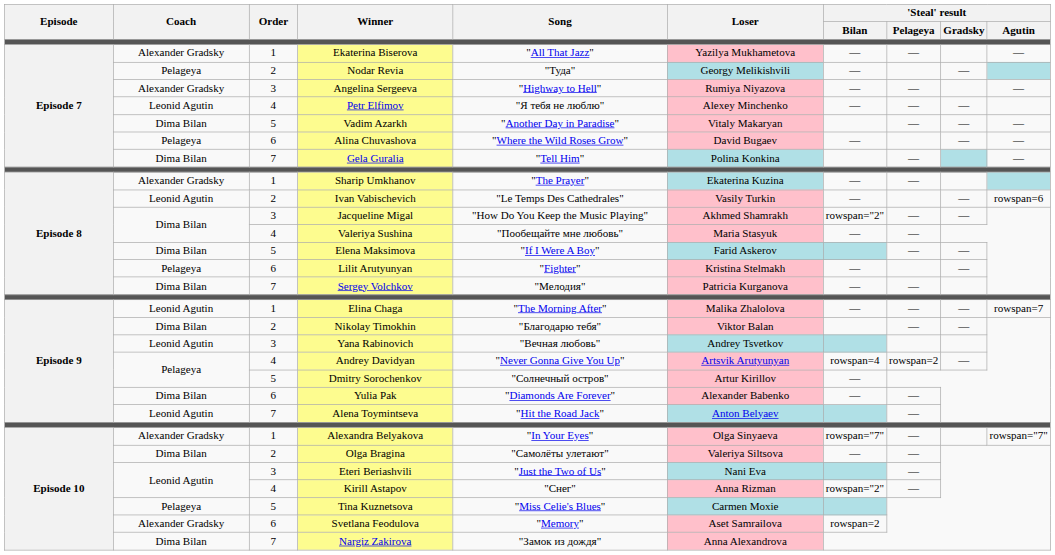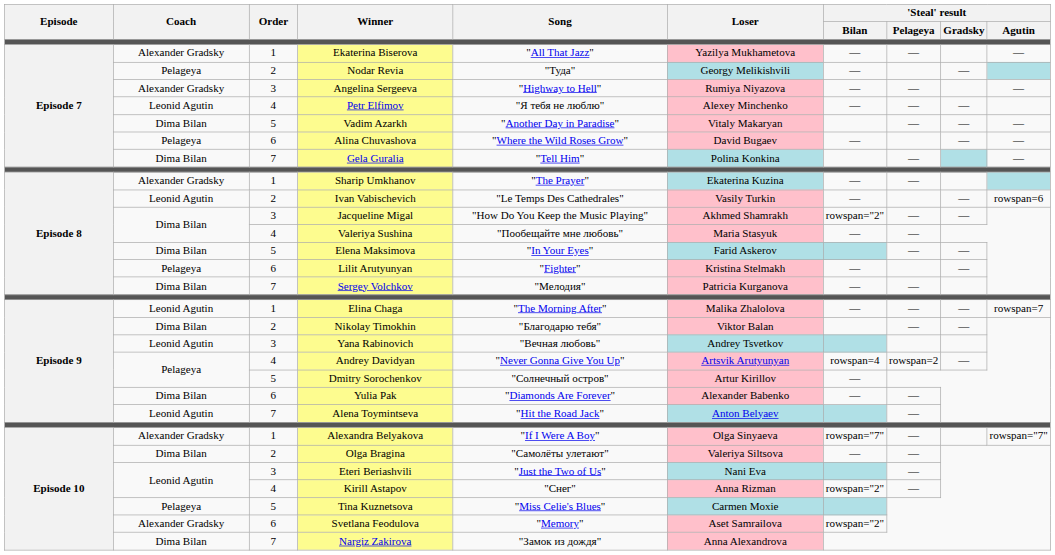 <table class="wikitable" style="text-align: center; width:120%;">
 <tr>
 <th rowspan="2" style="width:12%;">Episode</th>
 <th rowspan="2" style="width:15%;">Coach</th>
 <th rowspan="2" style="width:05%;">Order</th>
 <th rowspan="2" style="width:17%;">Winner</th>
 <th rowspan="2" style="width:24%;">Song</th>
 <th rowspan="2" style="width:17%;">Loser</th>
 <th colspan="4" style="width:20%;">'Steal' result</th>
 </tr>
 <tr>
 <th style="width:05%;">Bilan</th>
 <th style="width:05%;">Pelageya</th>
 <th style="width:05%;">Gradsky</th>
 <th style="width:05%;">Agutin</th>
 </tr>
 <tr>
 <td colspan="10" style="background:#555;"></td>
 </tr>
 <tr>
 <th rowspan=7>Episode 7 <br> </th>
 <td>Alexander Gradsky</td>
 <td>1</td>
 <td style="background:#fdfc8f;">Ekaterina Biserova</td>
 <td>"<a href='#'>All That Jazz</a>"</td>
 <td style="background:pink;">Yazilya Mukhametova</td>
 <td>—</td>
 <td>—</td>
 <td></td>
 <td>—</td>
 </tr>
 <tr>
 <td>Pelageya</td>
 <td>2</td>
 <td style="background:#fdfc8f;">Nodar Revia</td>
 <td>"Туда"</td>
 <td style="background:#B0E0E6;">Georgy Melikishvili</td>
 <td>—</td>
 <td></td>
 <td>—</td>
 <td style="background:#B0E0E6;"><strong></strong></td>
 </tr>
 <tr>
 <td>Alexander Gradsky</td>
 <td>3</td>
 <td style="background:#fdfc8f;">Angelina Sergeeva</td>
 <td>"<a href='#'>Highway to Hell</a>"</td>
 <td style="background:pink;">Rumiya Niyazova</td>
 <td>—</td>
 <td>—</td>
 <td></td>
 <td>—</td>
 </tr>
 <tr>
 <td>Leonid Agutin</td>
 <td>4</td>
 <td style="background:#fdfc8f;"><a href='#'>Petr Elfimov</a></td>
 <td>"Я тебя не люблю"</td>
 <td style="background:pink;">Alexey Minchenko</td>
 <td>—</td>
 <td>—</td>
 <td>—</td>
 <td></td>
 </tr>
 <tr>
 <td>Dima Bilan</td>
 <td>5</td>
 <td style="background:#fdfc8f;">Vadim Azarkh</td>
 <td>"<a href='#'>Another Day in Paradise</a>"</td>
 <td style="background:pink;">Vitaly Makaryan</td>
 <td></td>
 <td>—</td>
 <td>—</td>
 <td>—</td>
 </tr>
 <tr>
 <td>Pelageya</td>
 <td>6</td>
 <td style="background:#fdfc8f;">Alina Chuvashova</td>
 <td>"<a href='#'>Where the Wild Roses Grow</a>"</td>
 <td style="background:pink;">David Bugaev</td>
 <td>—</td>
 <td></td>
 <td>—</td>
 <td>—</td>
 </tr>
 <tr>
 <td>Dima Bilan</td>
 <td>7</td>
 <td style="background:#fdfc8f;"><a href='#'>Gela Guralia</a></td>
 <td>"<a href='#'>Tell Him</a>"</td>
 <td style="background:#B0E0E6;">Polina Konkina</td>
 <td></td>
 <td>—</td>
 <td style="background:#B0E0E6;"><strong></strong></td>
 <td>—</td>
 </tr>
 <tr>
 <td colspan="10" style="background:#555;"></td>
 </tr>
 <tr>
 <th rowspan=7>Episode 8 <br> </th>
 <td>Alexander Gradsky</td>
 <td>1</td>
 <td style="background:#fdfc8f;">Sharip Umkhanov</td>
 <td>"<a href='#'>The Prayer</a>"</td>
 <td style="background:#B0E0E6;">Ekaterina Kuzina</td>
 <td>—</td>
 <td>—</td>
 <td></td>
 <td style="background:#B0E0E6;"><strong></strong></td>
 </tr>
 <tr>
 <td>Leonid Agutin</td>
 <td>2</td>
 <td style="background:#fdfc8f;">Ivan Vabischevich</td>
 <td>"Le Temps Des Cathedrales"</td>
 <td style="background:pink;">Vasily Turkin</td>
 <td>—</td>
 <td></td>
 <td>—</td>
 <td>rowspan=6 </td>
 </tr>
 <tr>
 <td rowspan="2">Dima Bilan</td>
 <td>3</td>
 <td style="background:#fdfc8f;">Jacqueline Migal</td>
 <td>"How Do You Keep the Music Playing"</td>
 <td style="background:pink;">Akhmed Shamrakh</td>
 <td>rowspan="2" </td>
 <td>—</td>
 <td>—</td>
 </tr>
 <tr>
 <td>4</td>
 <td style="background:#fdfc8f;">Valeriya Sushina</td>
 <td>"Пообещайте мне любовь"</td>
 <td style="background:pink;">Maria Stasyuk</td>
 <td>—</td>
 <td>—</td>
 </tr>
 <tr>
 <td>Dima Bilan</td>
 <td>5</td>
 <td style="background:#fdfc8f;">Elena Maksimova</td>
-<td>"<a href='#'>If I Were A Boy</a>"</td>
+<td>"<a href='#'>In Your Eyes</a>"</td>
 <td style="background:#B0E0E6;">Farid Askerov</td>
 <td style="background:#B0E0E6;"><strong></strong></td>
 <td>—</td>
 <td>—</td>
 </tr>
 <tr>
 <td>Pelageya</td>
 <td>6</td>
 <td style="background:#fdfc8f;">Lilit Arutyunyan</td>
 <td>"<a href='#'>Fighter</a>"</td>
 <td style="background:pink;">Kristina Stelmakh</td>
 <td>—</td>
 <td></td>
 <td>—</td>
 </tr>
 <tr>
 <td>Dima Bilan</td>
 <td>7</td>
 <td style="background:#fdfc8f;"><a href='#'>Sergey Volchkov</a></td>
 <td>"Мелодия"</td>
 <td style="background:pink;">Patricia Kurganova</td>
 <td>—</td>
 <td>—</td>
 <td></td>
 </tr>
 <tr>
 <td colspan="10" style="background:#555;"></td>
 </tr>
 <tr>
 <th rowspan=7>Episode 9 <br> </th>
 <td>Leonid Agutin</td>
 <td>1</td>
 <td style="background:#fdfc8f;">Elina Chaga</td>
 <td>"<a href='#'>The Morning After</a>"</td>
 <td style="background:pink;">Malika Zhalolova</td>
 <td>—</td>
 <td>—</td>
 <td>—</td>
 <td>rowspan=7 </td>
 </tr>
 <tr>
 <td>Dima Bilan</td>
 <td>2</td>
 <td style="background:#fdfc8f;">Nikolay Timokhin</td>
 <td>"Благодарю тебя"</td>
 <td style="background:pink;">Viktor Balan</td>
 <td></td>
 <td>—</td>
 <td>—</td>
 </tr>
 <tr>
 <td>Leonid Agutin</td>
 <td>3</td>
 <td style="background:#fdfc8f;">Yana Rabinovich</td>
 <td>"Вечная любовь"</td>
 <td style="background:#B0E0E6;">Andrey Tsvetkov</td>
 <td style="background:#B0E0E6;"><strong></strong></td>
 <td><strong></strong></td>
 <td></td>
 </tr>
 <tr>
 <td rowspan="2">Pelageya</td>
 <td>4</td>
 <td style= "background:#fdfc8f;">Andrey Davidyan</td>
 <td>"<a href='#'>Never Gonna Give You Up</a>"</td>
 <td style="background:pink;"><a href='#'>Artsvik Arutyunyan</a></td>
 <td>rowspan=4 </td>
 <td>rowspan=2 </td>
 <td>—</td>
 </tr>
 <tr>
 <td>5</td>
 <td style= "background:#fdfc8f;">Dmitry Sorochenkov</td>
 <td>"Солнечный остров"</td>
 <td style= "background:pink;">Artur Kirillov</td>
 <td>—</td>
 </tr>
 <tr>
 <td>Dima Bilan</td>
 <td>6</td>
 <td style="background:#fdfc8f;">Yulia Pak</td>
 <td>"<a href='#'>Diamonds Are Forever</a>"</td>
 <td style="background:pink;">Alexander Babenko</td>
 <td>—</td>
 <td>—</td>
 </tr>
 <tr>
 <td>Leonid Agutin</td>
 <td>7</td>
 <td style="background:#fdfc8f;">Alena Toymintseva</td>
 <td>"<a href='#'>Hit the Road Jack</a>"</td>
 <td style="background:#B0E0E6;"><a href='#'>Anton Belyaev</a></td>
 <td style="background:#B0E0E6;"><strong></strong></td>
 <td>—</td>
 </tr>
 <tr>
 <td colspan="10" style="background:#555;"></td>
 </tr>
 <tr>
 <th rowspan=7>Episode 10 <br> </th>
 <td>Alexander Gradsky</td>
 <td>1</td>
 <td style="background:#fdfc8f;">Alexandra Belyakova</td>
-<td>"<a href='#'>In Your Eyes</a>"</td>
+<td>"<a href='#'>If I Were A Boy</a>"</td>
 <td style="background:pink;">Olga Sinyaeva</td>
 <td>rowspan="7" </td>
 <td>—</td>
 <td></td>
 <td>rowspan="7" </td>
 </tr>
 <tr>
 <td>Dima Bilan</td>
 <td>2</td>
 <td style="background:#fdfc8f;">Olga Bragina</td>
 <td>"Самолёты улетают"</td>
 <td style="background:pink;">Valeriya Siltsova</td>
 <td>—</td>
 <td>—</td>
 </tr>
 <tr>
 <td rowspan="2">Leonid Agutin</td>
 <td>3</td>
 <td style="background:#fdfc8f;">Eteri Beriashvili</td>
 <td>"<a href='#'>Just the Two of Us</a>"</td>
 <td style="background:#B0E0E6;">Nani Eva</td>
 <td style="background:#B0E0E6;"><strong></strong></td>
 <td>—</td>
 </tr>
 <tr>
 <td>4</td>
 <td style="background:#fdfc8f;">Kirill Astapov</td>
 <td>"Снег"</td>
 <td style="background:pink;">Anna Rizman</td>
 <td>rowspan="2" </td>
 <td>—</td>
 </tr>
 <tr>
 <td>Pelageya</td>
 <td>5</td>
 <td style="background:#fdfc8f;">Tina Kuznetsova</td>
 <td>"<a href='#'>Miss Celie's Blues</a>"</td>
 <td style="background:#B0E0E6;">Carmen Moxie</td>
 <td style="background:#B0E0E6;"><strong></strong></td>
 </tr>
 <tr>
 <td>Alexander Gradsky</td>
 <td>6</td>
 <td style="background:#fdfc8f;">Svetlana Feodulova</td>
 <td>"<a href='#'>Memory</a>"</td>
 <td style="background:pink;">Aset Samrailova</td>
-<td>rowspan=2 </td>
+<td>rowspan="2" </td>
 </tr>
 <tr>
 <td>Dima Bilan</td>
 <td>7</td>
 <td style="background:#fdfc8f;"><a href='#'>Nargiz Zakirova</a></td>
 <td>"Замок из дождя"</td>
 <td style="background:pink;">Anna Alexandrova</td>
 </tr>
 </table>
